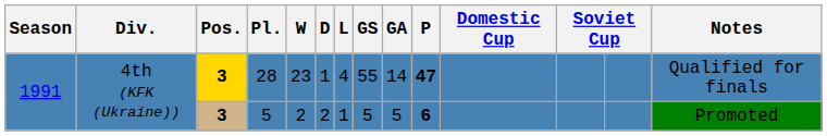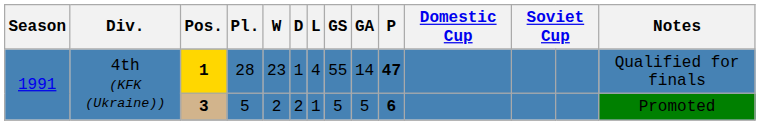 <table class="wikitable">
 <tr style="background:#efefef;">
 <th>Season</th>
 <th>Div.</th>
 <th>Pos.</th>
 <th>Pl.</th>
 <th>W</th>
 <th>D</th>
 <th>L</th>
 <th>GS</th>
 <th>GA</th>
 <th>P</th>
 <th><a href='#'>Domestic Cup</a></th>
 <th colspan=2><a href='#'>Soviet Cup</a></th>
 <th>Notes</th>
 </tr>
 <tr bgcolor=SteelBlue>
 <td align=center rowspan=2><a href='#'>1991</a></td>
 <td align=center rowspan=2>4th<br><small><em>(KFK (Ukraine))</em></small></td>
-<td style="text-align:center; background:gold;"><strong>3</strong></td>
+<td style="text-align:center; background:gold;"><strong>1</strong></td>
 <td align=center>28</td>
 <td align=center>23</td>
 <td align=center>1</td>
 <td align=center>4</td>
 <td align=center>55</td>
 <td align=center>14</td>
 <td align=center><strong>47</strong></td>
 <td align=center></td>
 <td align=center></td>
 <td align=center></td>
 <td align=center>Qualified for finals</td>
 </tr>
 <tr bgcolor=SteelBlue>
 <td style="text-align:center; background:tan;"><strong>3</strong></td>
 <td align=center>5</td>
 <td align=center>2</td>
 <td align=center>2</td>
 <td align=center>1</td>
 <td align=center>5</td>
 <td align=center>5</td>
 <td align=center><strong>6</strong></td>
 <td align=center></td>
 <td align=center></td>
 <td align=center></td>
 <td style="text-align:center; background:green;">Promoted</td>
 </tr>
 </table>
